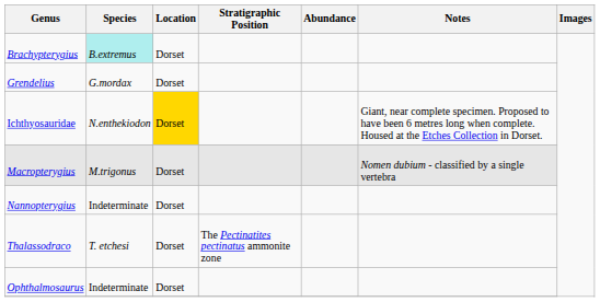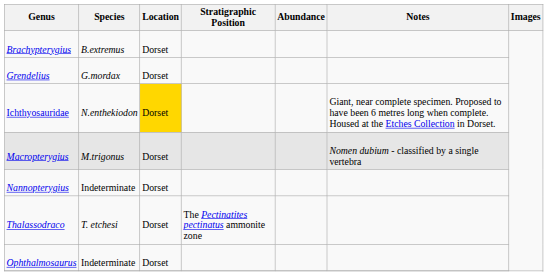 <table class="wikitable"  style="margin:auto; width:100%;">
 <tr>
 <th>Genus</th>
 <th>Species</th>
 <th>Location</th>
 <th>Stratigraphic Position</th>
 <th>Abundance</th>
 <th>Notes</th>
 <th>Images</th>
 </tr>
 <tr>
 <td><br><em><a href='#'>Brachypterygius</a></em></td>
-<td style="background: paleturquoise;"><br><em>B.extremus</em></td>
+<td><br><em>B.extremus</em></td>
 <td><br>Dorset</td>
 <td></td>
 <td></td>
 <td></td>
 <td rowspan="99"><br>   </td>
 </tr>
 <tr>
 <td><br><em><a href='#'>Grendelius</a></em></td>
 <td><br><em>G.mordax</em></td>
 <td><br>Dorset</td>
 <td></td>
 <td></td>
 <td></td>
 </tr>
 <tr>
 <td><br><a href='#'>Ichthyosauridae</a></td>
 <td><br><em>N.enthekiodon</em></td>
 <td style="background: gold;"><br>Dorset</td>
 <td></td>
 <td></td>
 <td><br>Giant, near complete specimen. Proposed to have been 6 metres long when complete. Housed at the <a href='#'>Etches Collection</a> in Dorset.</td>
 </tr>
 <tr>
 <td style="background:#E6E6E6;"><br><em><a href='#'>Macropterygius</a></em></td>
 <td style="background:#E6E6E6;"><br><em>M.trigonus</em></td>
 <td style="background:#E6E6E6;"><br>Dorset</td>
 <td style="background:#E6E6E6;"></td>
 <td style="background:#E6E6E6;"></td>
 <td style="background:#E6E6E6;"><br><em>Nomen dubium</em> - classified by a single vertebra</td>
 </tr>
 <tr>
 <td><br><em><a href='#'>Nannopterygius</a></em></td>
 <td><br>Indeterminate</td>
 <td><br>Dorset</td>
 <td></td>
 <td></td>
 <td></td>
 </tr>
 <tr>
 <td><br><em><a href='#'>Thalassodraco</a></em></td>
 <td><br><em>T. etchesi</em></td>
 <td><br>Dorset</td>
 <td><br>The <em><a href='#'>Pectinatites pectinatus</a></em> ammonite zone</td>
 <td></td>
 <td></td>
 </tr>
 <tr>
 <td><br><em><a href='#'>Ophthalmosaurus</a></em></td>
 <td><br>Indeterminate</td>
 <td><br>Dorset</td>
 <td></td>
 <td></td>
 <td></td>
 </tr>
 <tr>
 </tr>
 </table>
